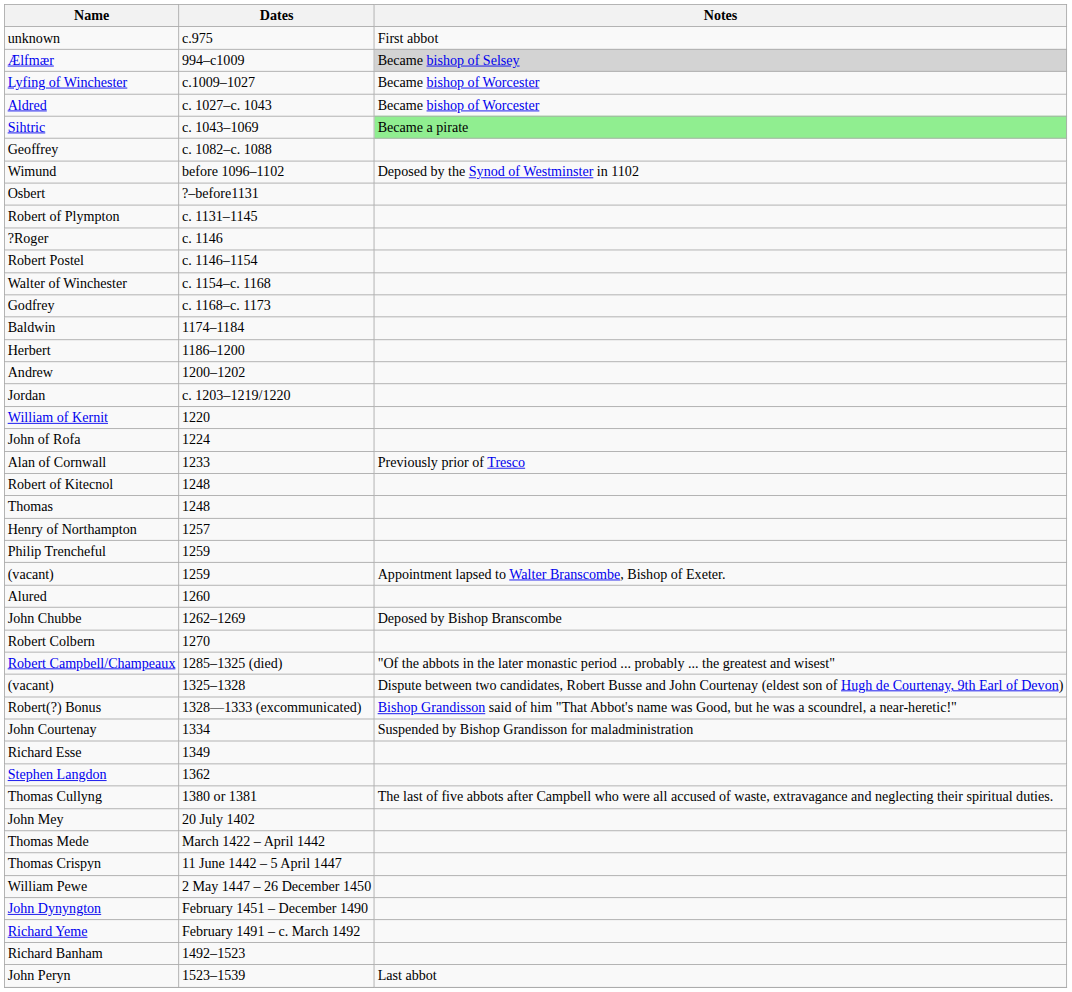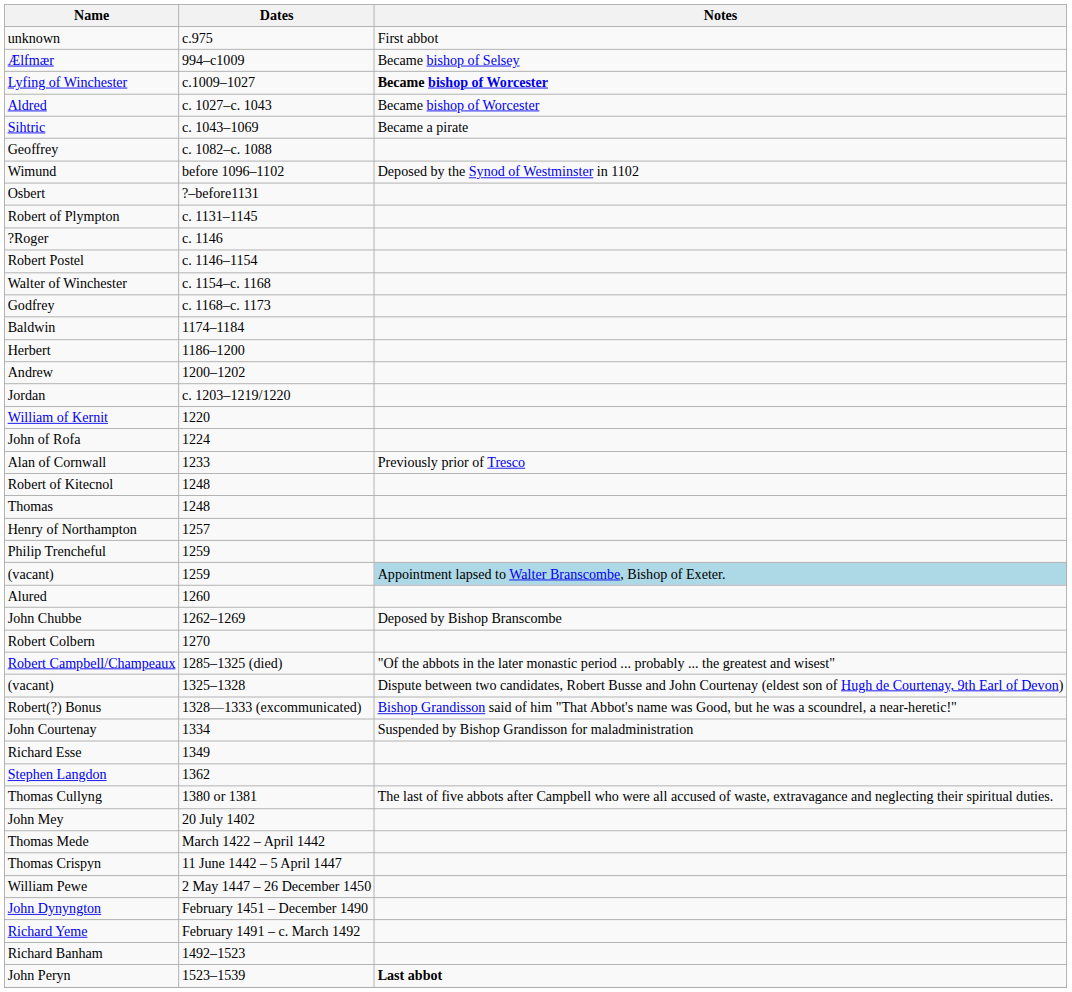 <table class="wikitable">
 <tr>
 <th>Name</th>
 <th>Dates</th>
 <th>Notes</th>
 </tr>
 <tr>
 <td>unknown</td>
 <td>c.975</td>
 <td>First abbot</td>
 </tr>
 <tr>
 <td><a href='#'>Ælfmær</a></td>
 <td>994–c1009</td>
-<td style="background: lightgrey;">Became <a href='#'>bishop of Selsey</a></td>
+<td>Became <a href='#'>bishop of Selsey</a></td>
 </tr>
 <tr>
 <td><a href='#'>Lyfing of Winchester</a></td>
 <td>c.1009–1027</td>
-<td>Became <a href='#'>bishop of Worcester</a></td>
+<td><strong>Became <a href='#'>bishop of Worcester</a></strong></td>
 </tr>
 <tr>
 <td><a href='#'>Aldred</a></td>
 <td>c. 1027–c. 1043</td>
 <td>Became <a href='#'>bishop of Worcester</a></td>
 </tr>
 <tr>
 <td><a href='#'>Sihtric</a></td>
 <td>c. 1043–1069</td>
-<td style="background: lightgreen;">Became a pirate</td>
+<td>Became a pirate</td>
 </tr>
 <tr>
 <td>Geoffrey</td>
 <td>c. 1082–c. 1088</td>
 <td></td>
 </tr>
 <tr>
 <td>Wimund</td>
 <td>before 1096–1102</td>
 <td>Deposed by the <a href='#'>Synod of Westminster</a> in 1102</td>
 </tr>
 <tr>
 <td>Osbert</td>
 <td>?–before1131</td>
 <td></td>
 </tr>
 <tr>
 <td>Robert of Plympton</td>
 <td>c. 1131–1145</td>
 <td></td>
 </tr>
 <tr>
 <td>?Roger</td>
 <td>c. 1146</td>
 <td></td>
 </tr>
 <tr>
 <td>Robert Postel</td>
 <td>c. 1146–1154</td>
 <td></td>
 </tr>
 <tr>
 <td>Walter of Winchester</td>
 <td>c. 1154–c. 1168</td>
 <td></td>
 </tr>
 <tr>
 <td>Godfrey</td>
 <td>c. 1168–c. 1173</td>
 <td></td>
 </tr>
 <tr>
 <td>Baldwin</td>
 <td>1174–1184</td>
 <td></td>
 </tr>
 <tr>
 <td>Herbert</td>
 <td>1186–1200</td>
 <td></td>
 </tr>
 <tr>
 <td>Andrew</td>
 <td>1200–1202</td>
 <td></td>
 </tr>
 <tr>
 <td>Jordan</td>
 <td>c. 1203–1219/1220</td>
 <td></td>
 </tr>
 <tr>
 <td><a href='#'>William of Kernit</a></td>
 <td>1220</td>
 <td></td>
 </tr>
 <tr>
 <td>John of Rofa</td>
 <td>1224</td>
 <td></td>
 </tr>
 <tr>
 <td>Alan of Cornwall</td>
 <td>1233</td>
 <td>Previously prior of <a href='#'>Tresco</a></td>
 </tr>
 <tr>
 <td>Robert of Kitecnol</td>
 <td>1248</td>
 <td></td>
 </tr>
 <tr>
 <td>Thomas</td>
 <td>1248</td>
 <td></td>
 </tr>
 <tr>
 <td>Henry of Northampton</td>
 <td>1257</td>
 <td></td>
 </tr>
 <tr>
 <td>Philip Trencheful</td>
 <td>1259</td>
 <td></td>
 </tr>
 <tr>
 <td>(vacant)</td>
 <td>1259</td>
-<td>Appointment lapsed to <a href='#'>Walter Branscombe</a>, Bishop of Exeter.</td>
+<td style="background: lightblue;">Appointment lapsed to <a href='#'>Walter Branscombe</a>, Bishop of Exeter.</td>
 </tr>
 <tr>
 <td>Alured</td>
 <td>1260</td>
 <td></td>
 </tr>
 <tr>
 <td>John Chubbe</td>
 <td>1262–1269</td>
 <td>Deposed by Bishop Branscombe</td>
 </tr>
 <tr>
 <td>Robert Colbern</td>
 <td>1270</td>
 <td></td>
 </tr>
 <tr>
 <td><a href='#'>Robert Campbell/Champeaux</a></td>
 <td>1285–1325 (died)</td>
 <td>"Of the abbots in the later monastic period ... probably ... the greatest and wisest"</td>
 </tr>
 <tr>
 <td>(vacant)</td>
 <td>1325–1328</td>
 <td>Dispute between two candidates, Robert Busse and John Courtenay (eldest son of <a href='#'>Hugh de Courtenay, 9th Earl of Devon</a>)</td>
 </tr>
 <tr>
 <td>Robert(?) Bonus</td>
 <td>1328—1333 (excommunicated)</td>
 <td><a href='#'>Bishop Grandisson</a> said of him "That Abbot's name was Good, but he was a scoundrel, a near-heretic!"</td>
 </tr>
 <tr>
 <td>John Courtenay</td>
 <td>1334</td>
 <td>Suspended by Bishop Grandisson for maladministration</td>
 </tr>
 <tr>
 <td>Richard Esse</td>
 <td>1349</td>
 <td></td>
 </tr>
 <tr>
 <td><a href='#'>Stephen Langdon</a></td>
 <td>1362</td>
 <td></td>
 </tr>
 <tr>
 <td>Thomas Cullyng</td>
 <td>1380 or 1381</td>
 <td>The last of five abbots after Campbell who were all accused of waste, extravagance and neglecting their spiritual duties.</td>
 </tr>
 <tr>
 <td>John Mey</td>
 <td>20 July 1402</td>
 <td></td>
 </tr>
 <tr>
 <td>Thomas Mede</td>
 <td>March 1422 – April 1442</td>
 <td></td>
 </tr>
 <tr>
 <td>Thomas Crispyn</td>
 <td>11 June 1442 – 5 April 1447</td>
 <td></td>
 </tr>
 <tr>
 <td>William Pewe</td>
 <td>2 May 1447 – 26 December 1450</td>
 <td></td>
 </tr>
 <tr>
 <td><a href='#'>John Dynyngton</a></td>
 <td>February 1451 – December 1490</td>
 <td></td>
 </tr>
 <tr>
 <td><a href='#'>Richard Yeme</a></td>
 <td>February 1491 – c. March 1492</td>
 <td></td>
 </tr>
 <tr>
 <td>Richard Banham</td>
 <td>1492–1523</td>
 <td></td>
 </tr>
 <tr>
 <td>John Peryn</td>
 <td>1523–1539</td>
-<td>Last abbot</td>
+<td><strong>Last abbot</strong></td>
 </tr>
 <tr>
 </tr>
 </table>
